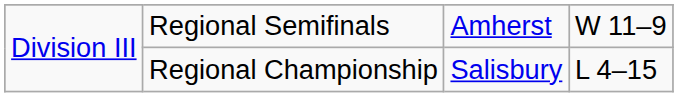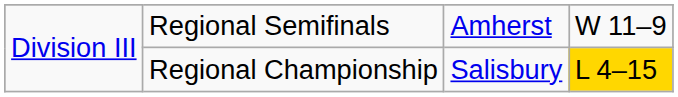 <table class="wikitable">
 <tr>
 <td rowspan="5"><a href='#'>Division III</a></td>
 <td>Regional Semifinals</td>
 <td><a href='#'>Amherst</a></td>
 <td>W 11–9</td>
 </tr>
 <tr>
 <td>Regional Championship</td>
 <td><a href='#'>Salisbury</a></td>
-<td>L 4–15</td>
+<td style="background: gold;">L 4–15</td>
 </tr>
 </table>
